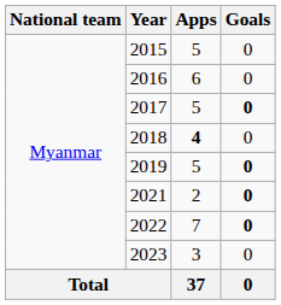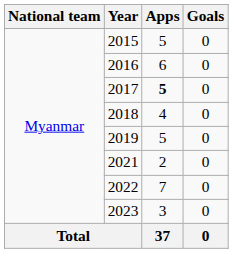 <table class=wikitable style=text-align:center>
 <tr>
 <th>National team</th>
 <th>Year</th>
 <th>Apps</th>
 <th>Goals</th>
 </tr>
 <tr>
 <td rowspan=8><a href='#'>Myanmar</a></td>
 <td>2015</td>
 <td>5</td>
 <td>0</td>
 </tr>
 <tr>
 <td>2016</td>
 <td>6</td>
 <td>0</td>
 </tr>
 <tr>
 <td>2017</td>
-<td>5</td>
-<td><strong>0</strong></td>
+<td><strong>5</strong></td>
+<td>0</td>
 </tr>
 <tr>
 <td>2018</td>
-<td><strong>4</strong></td>
+<td>4</td>
 <td>0</td>
 </tr>
 <tr>
 <td>2019</td>
 <td>5</td>
-<td><strong>0</strong></td>
+<td>0</td>
 </tr>
 <tr>
 <td>2021</td>
 <td>2</td>
-<td><strong>0</strong></td>
+<td>0</td>
 </tr>
 <tr>
 <td>2022</td>
 <td>7</td>
-<td><strong>0</strong></td>
+<td>0</td>
 </tr>
 <tr>
 <td>2023</td>
 <td>3</td>
 <td>0</td>
 </tr>
 <tr>
 <th colspan=2>Total</th>
 <th>37</th>
 <th>0</th>
 </tr>
 </table>
